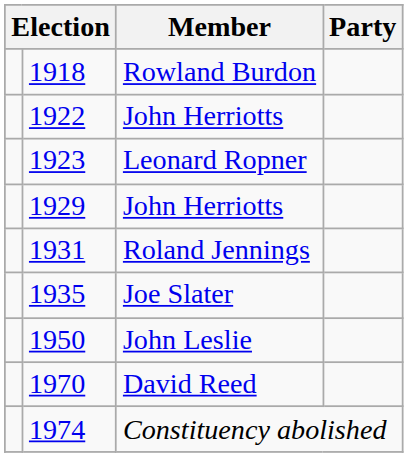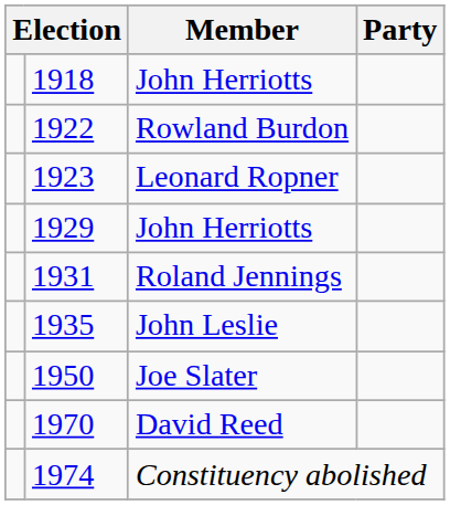 <table class="wikitable">
 <tr>
 <th colspan="2">Election</th>
 <th>Member</th>
 <th>Party</th>
 </tr>
 <tr>
 <td style="color:inherit;background-color: "></td>
 <td><a href='#'>1918</a></td>
-<td><a href='#'>Rowland Burdon</a></td>
+<td><a href='#'>John Herriotts</a></td>
 <td></td>
 </tr>
 <tr>
 <td style="color:inherit;background-color: "></td>
 <td><a href='#'>1922</a></td>
-<td><a href='#'>John Herriotts</a></td>
+<td><a href='#'>Rowland Burdon</a></td>
 <td></td>
 </tr>
 <tr>
 <td style="color:inherit;background-color: "></td>
 <td><a href='#'>1923</a></td>
 <td><a href='#'>Leonard Ropner</a></td>
 <td></td>
 </tr>
 <tr>
 <td style="color:inherit;background-color: "></td>
 <td><a href='#'>1929</a></td>
 <td><a href='#'>John Herriotts</a></td>
 <td></td>
 </tr>
 <tr>
 <td style="color:inherit;background-color: "></td>
 <td><a href='#'>1931</a></td>
 <td><a href='#'>Roland Jennings</a></td>
 <td></td>
 </tr>
 <tr>
 <td style="color:inherit;background-color: "></td>
 <td><a href='#'>1935</a></td>
-<td><a href='#'>Joe Slater</a></td>
+<td><a href='#'>John Leslie</a></td>
 <td></td>
 </tr>
 <tr>
 <td style="color:inherit;background-color: "></td>
 <td><a href='#'>1950</a></td>
-<td><a href='#'>John Leslie</a></td>
+<td><a href='#'>Joe Slater</a></td>
 <td></td>
 </tr>
 <tr>
 <td style="color:inherit;background-color: "></td>
 <td><a href='#'>1970</a></td>
 <td><a href='#'>David Reed</a></td>
 <td></td>
 </tr>
 <tr>
 <td></td>
 <td><a href='#'>1974</a></td>
 <td colspan="3"><em>Constituency abolished</em></td>
 </tr>
 </table>
